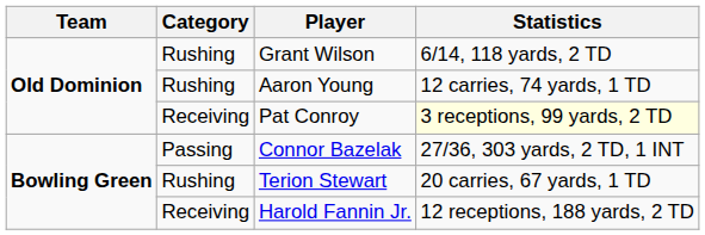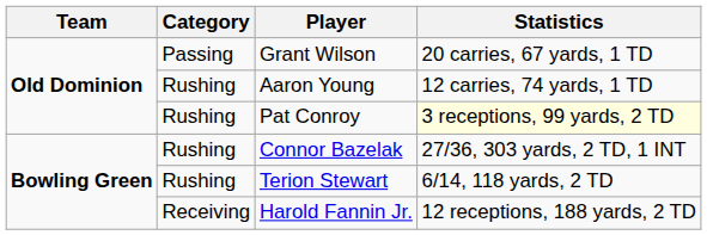 <table class="wikitable" style="float: right;">
 <tr>
 <th>Team</th>
 <th>Category</th>
 <th>Player</th>
 <th>Statistics</th>
 </tr>
 <tr>
 <td rowspan=3><strong>Old Dominion</strong></td>
-<td>Rushing</td>
+<td>Passing</td>
 <td>Grant Wilson</td>
-<td>6/14, 118 yards, 2 TD</td>
+<td>20 carries, 67 yards, 1 TD</td>
 </tr>
 <tr>
 <td>Rushing</td>
 <td>Aaron Young</td>
 <td>12 carries, 74 yards, 1 TD</td>
 </tr>
 <tr>
-<td>Receiving</td>
+<td>Rushing</td>
 <td>Pat Conroy</td>
 <td style="background: lightyellow;">3 receptions, 99 yards, 2 TD</td>
 </tr>
 <tr>
 <td rowspan=3><strong>Bowling Green</strong></td>
-<td>Passing</td>
+<td>Rushing</td>
 <td><a href='#'>Connor Bazelak</a></td>
 <td>27/36, 303 yards, 2 TD, 1 INT</td>
 </tr>
 <tr>
 <td>Rushing</td>
 <td><a href='#'>Terion Stewart</a></td>
-<td>20 carries, 67 yards, 1 TD</td>
+<td>6/14, 118 yards, 2 TD</td>
 </tr>
 <tr>
 <td>Receiving</td>
 <td><a href='#'>Harold Fannin Jr.</a></td>
 <td>12 receptions, 188 yards, 2 TD</td>
 </tr>
 </table>
